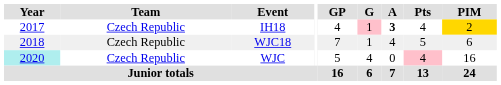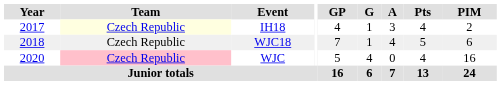 <table border="0" cellpadding="1" cellspacing="0" ID="Table3" style="text-align:center; width:40em">
 <tr bgcolor="#e0e0e0">
 <th>Year</th>
 <th>Team</th>
 <th>Event</th>
 <th rowspan="102" bgcolor="#ffffff"></th>
 <th>GP</th>
 <th>G</th>
 <th>A</th>
 <th>Pts</th>
 <th>PIM</th>
 </tr>
 <tr>
 <td><a href='#'>2017</a></td>
-<td><a href='#'>Czech Republic</a></td>
+<td style="background: lightyellow;"><a href='#'>Czech Republic</a></td>
 <td><a href='#'>IH18</a></td>
 <td>4</td>
-<td style="background: pink;">1</td>
-<td><strong>3</strong></td>
+<td>1</td>
+<td>3</td>
 <td>4</td>
-<td style="background: gold;">2</td>
+<td>2</td>
 </tr>
 <tr bgcolor="#f0f0f0">
 <td><a href='#'>2018</a></td>
 <td>Czech Republic</td>
 <td><a href='#'>WJC18</a></td>
 <td>7</td>
 <td>1</td>
 <td>4</td>
 <td>5</td>
 <td>6</td>
 </tr>
 <tr>
-<td style="background: paleturquoise;"><a href='#'>2020</a></td>
-<td><a href='#'>Czech Republic</a></td>
+<td><a href='#'>2020</a></td>
+<td style="background: pink;"><a href='#'>Czech Republic</a></td>
 <td><a href='#'>WJC</a></td>
 <td>5</td>
 <td>4</td>
 <td>0</td>
-<td style="background: pink;">4</td>
+<td>4</td>
 <td>16</td>
 </tr>
 <tr bgcolor="#e0e0e0">
 <th colspan="4">Junior totals</th>
 <th>16</th>
 <th>6</th>
 <th>7</th>
 <th>13</th>
 <th>24</th>
 </tr>
 </table>
